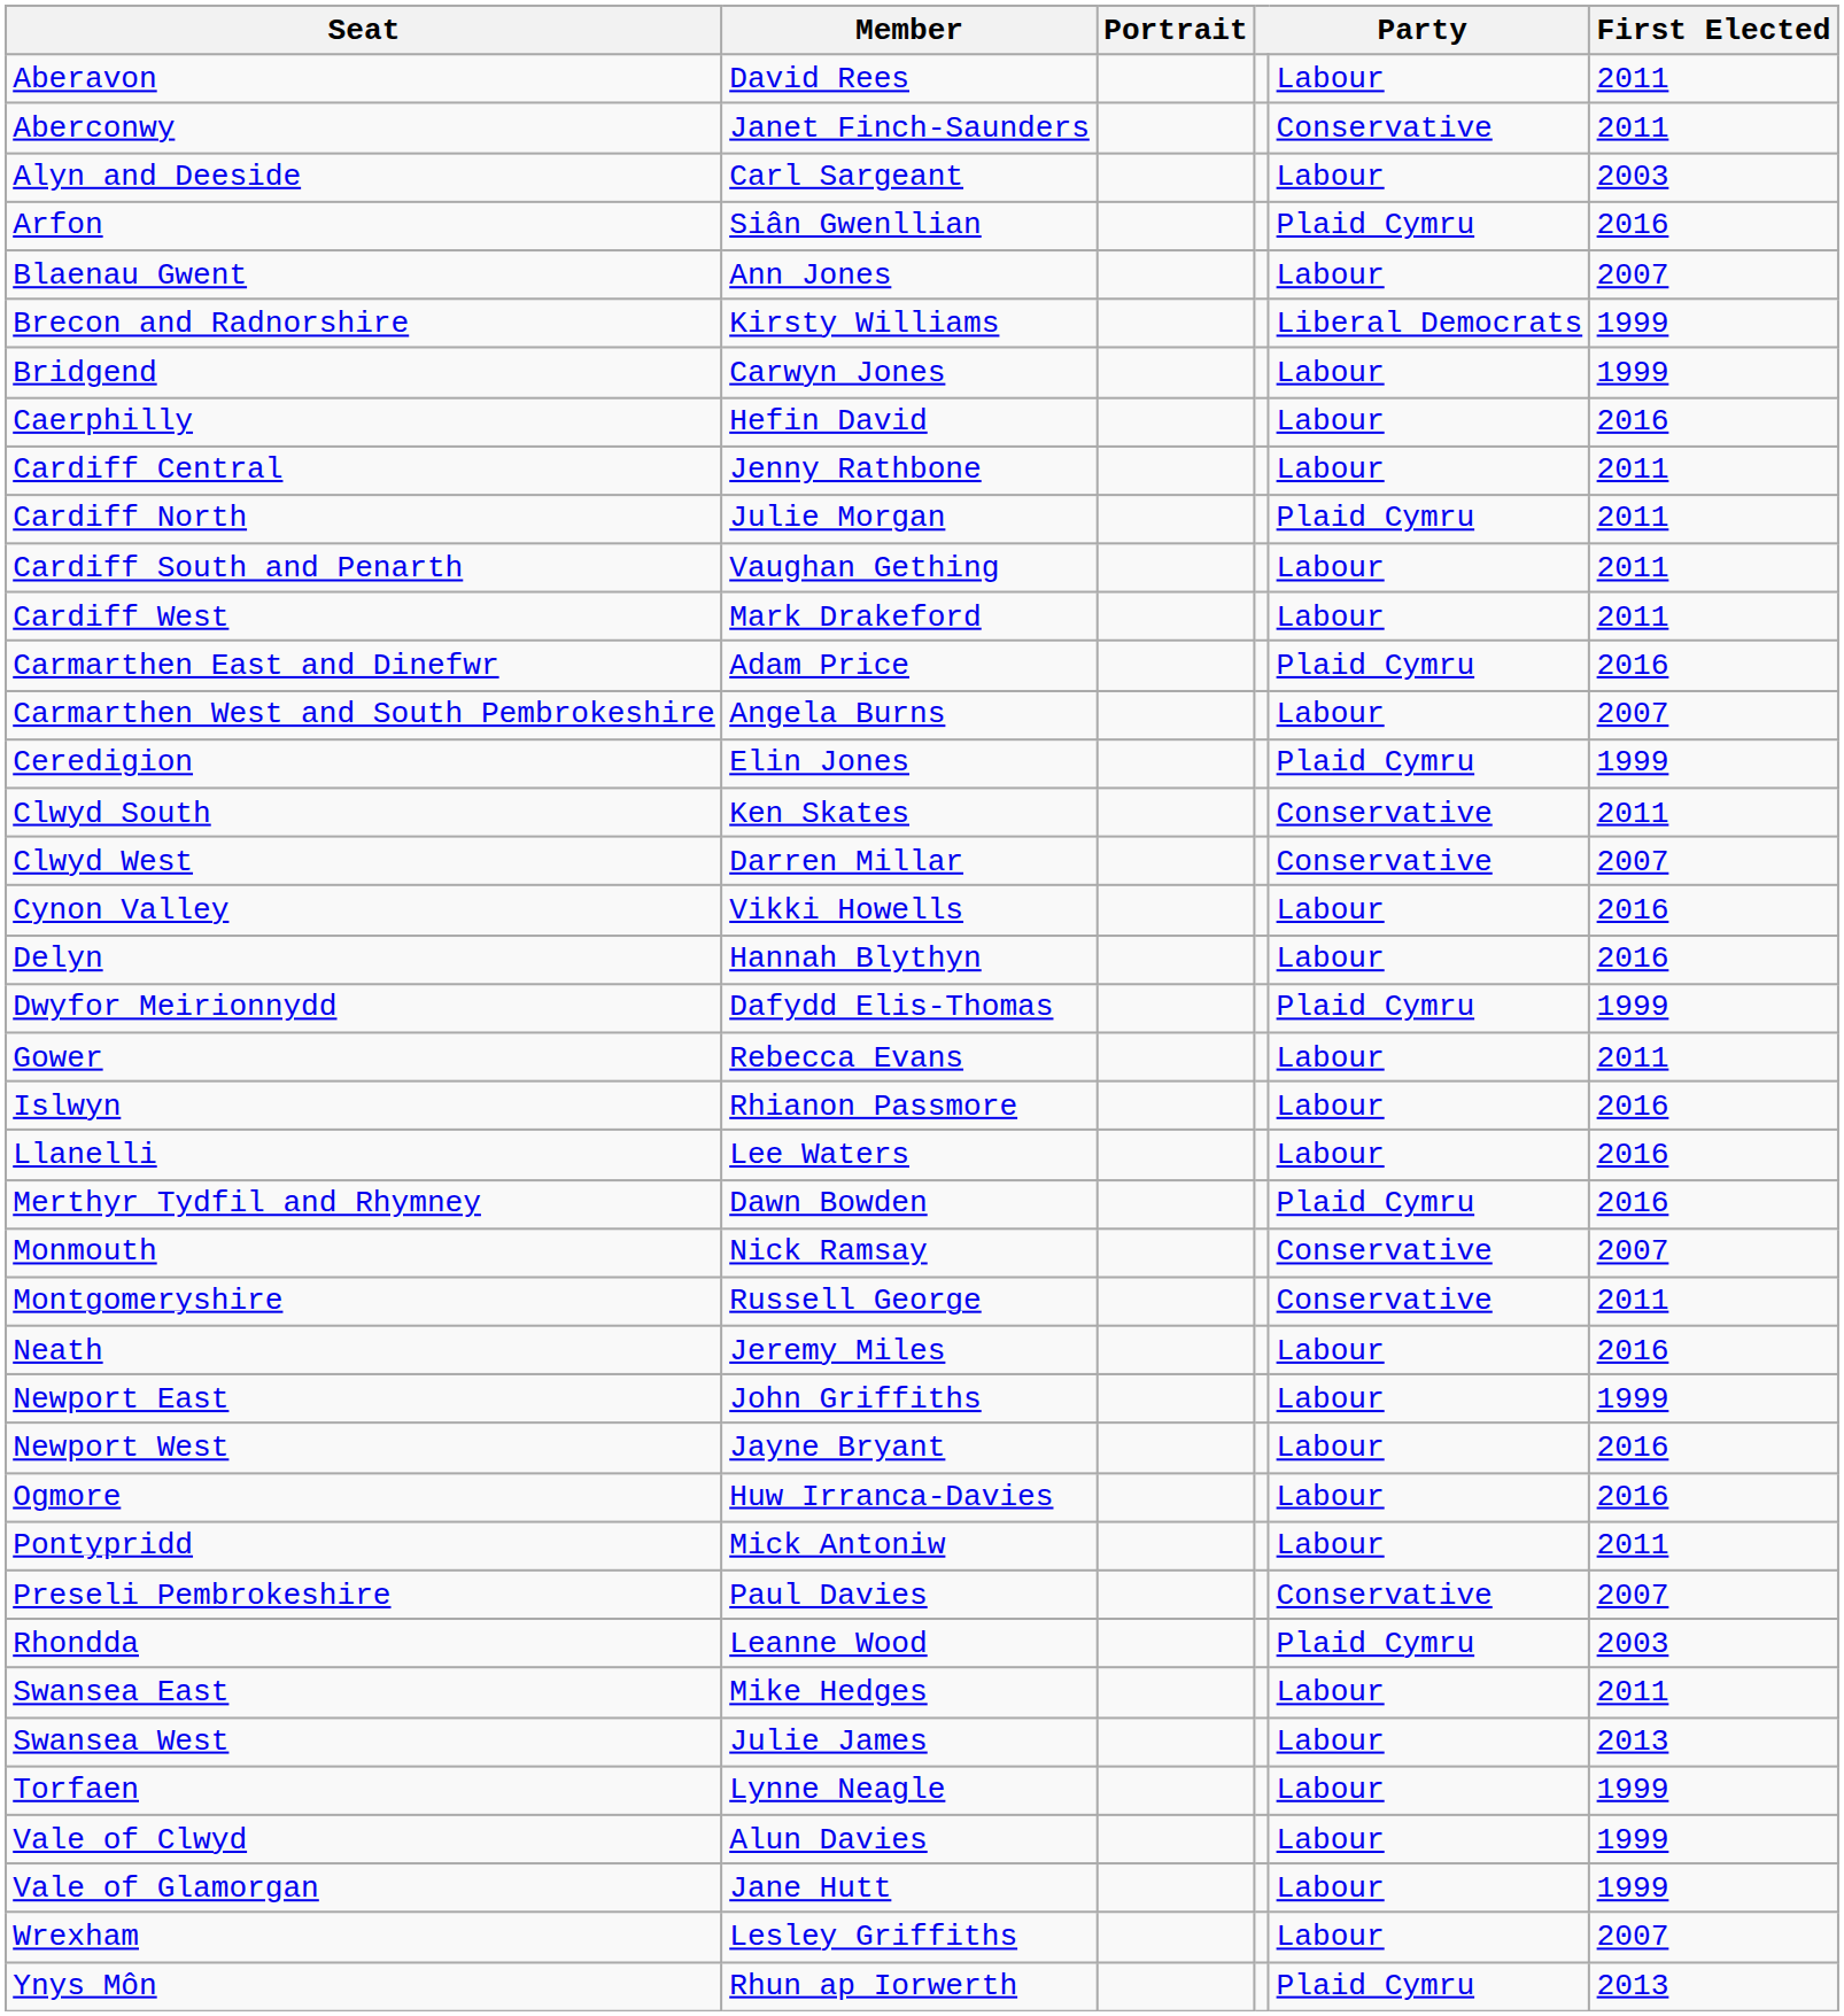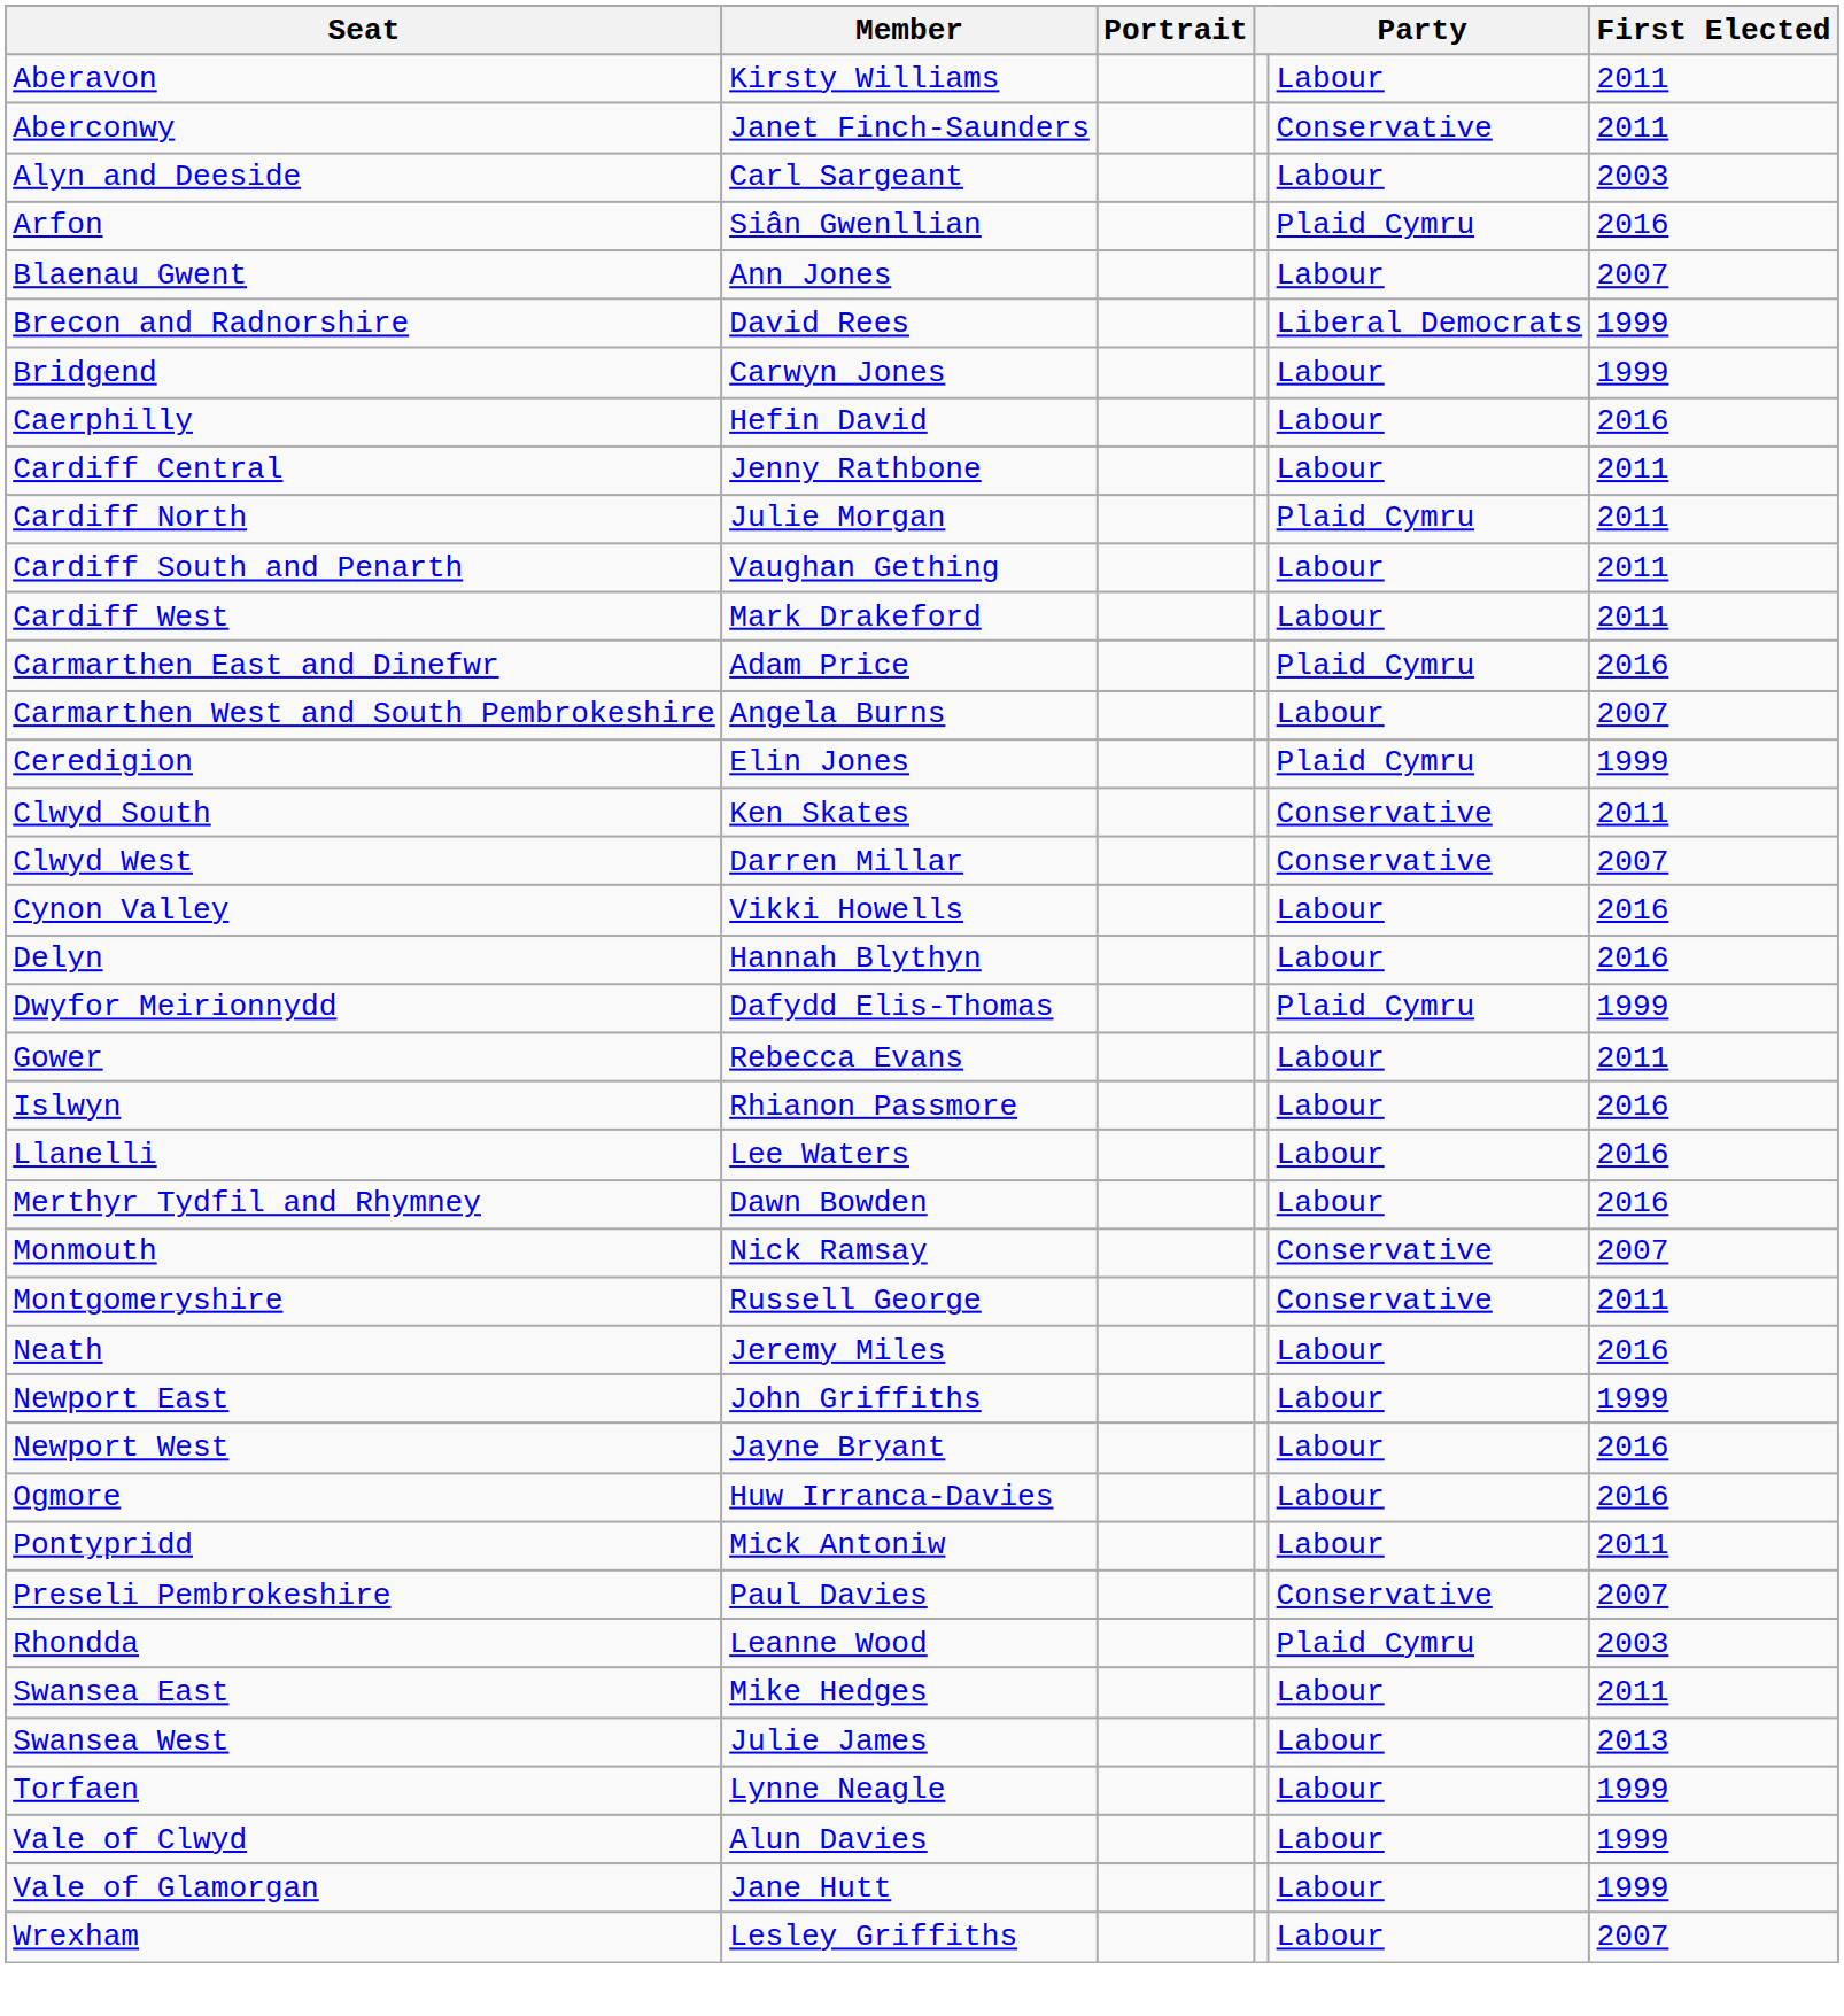 <table class="wikitable sortable">
 <tr>
 <th colspan="1">Seat</th>
 <th>Member</th>
 <th>Portrait</th>
 <th colspan="2">Party</th>
 <th>First Elected</th>
 </tr>
 <tr>
 <td><a href='#'>Aberavon</a></td>
-<td><a href='#'>David Rees</a></td>
+<td><a href='#'>Kirsty Williams</a></td>
 <td></td>
 <td style="color:inherit;background:"></td>
 <td><a href='#'>Labour</a></td>
 <td><a href='#'>2011</a></td>
 </tr>
 <tr>
 <td><a href='#'>Aberconwy</a></td>
 <td><a href='#'>Janet Finch-Saunders</a></td>
 <td></td>
 <td style="color:inherit;background:"></td>
 <td><a href='#'>Conservative</a></td>
 <td><a href='#'>2011</a></td>
 </tr>
 <tr>
 <td><a href='#'>Alyn and Deeside</a></td>
 <td><a href='#'>Carl Sargeant</a></td>
 <td></td>
 <td style="color:inherit;background:"></td>
 <td><a href='#'>Labour</a></td>
 <td><a href='#'>2003</a></td>
 </tr>
 <tr>
 <td><a href='#'>Arfon</a></td>
 <td><a href='#'>Siân Gwenllian</a></td>
 <td></td>
 <td style="color:inherit;background:"></td>
 <td><a href='#'>Plaid Cymru</a></td>
 <td><a href='#'>2016</a></td>
 </tr>
 <tr>
 <td><a href='#'>Blaenau Gwent</a></td>
 <td><a href='#'>Ann Jones</a></td>
 <td></td>
 <td style="color:inherit;background:"></td>
 <td><a href='#'>Labour</a></td>
 <td><a href='#'>2007</a></td>
 </tr>
 <tr>
 <td><a href='#'>Brecon and Radnorshire</a></td>
-<td><a href='#'>Kirsty Williams</a></td>
+<td><a href='#'>David Rees</a></td>
 <td></td>
 <td style="color:inherit;background:"></td>
 <td><a href='#'>Liberal Democrats</a></td>
 <td><a href='#'>1999</a></td>
 </tr>
 <tr>
 <td><a href='#'>Bridgend</a></td>
 <td><a href='#'>Carwyn Jones</a></td>
 <td></td>
 <td style="color:inherit;background:"></td>
 <td><a href='#'>Labour</a></td>
 <td><a href='#'>1999</a></td>
 </tr>
 <tr>
 <td><a href='#'>Caerphilly</a></td>
 <td><a href='#'>Hefin David</a></td>
 <td></td>
 <td style="color:inherit;background:"></td>
 <td><a href='#'>Labour</a></td>
 <td><a href='#'>2016</a></td>
 </tr>
 <tr>
 <td><a href='#'>Cardiff Central</a></td>
 <td><a href='#'>Jenny Rathbone</a></td>
 <td></td>
 <td style="color:inherit;background:"></td>
 <td><a href='#'>Labour</a></td>
 <td><a href='#'>2011</a></td>
 </tr>
 <tr>
 <td><a href='#'>Cardiff North</a></td>
 <td><a href='#'>Julie Morgan</a></td>
 <td></td>
 <td style="color:inherit;background:"></td>
 <td><a href='#'>Plaid Cymru</a></td>
 <td><a href='#'>2011</a></td>
 </tr>
 <tr>
 <td><a href='#'>Cardiff South and Penarth</a></td>
 <td><a href='#'>Vaughan Gething</a></td>
 <td></td>
 <td style="color:inherit;background:"></td>
 <td><a href='#'>Labour</a></td>
 <td><a href='#'>2011</a></td>
 </tr>
 <tr>
 <td><a href='#'>Cardiff West</a></td>
 <td><a href='#'>Mark Drakeford</a></td>
 <td></td>
 <td style="color:inherit;background:"></td>
 <td><a href='#'>Labour</a></td>
 <td><a href='#'>2011</a></td>
 </tr>
 <tr>
 <td><a href='#'>Carmarthen East and Dinefwr</a></td>
 <td><a href='#'>Adam Price</a></td>
 <td></td>
 <td style="color:inherit;background:"></td>
 <td><a href='#'>Plaid Cymru</a></td>
 <td><a href='#'>2016</a></td>
 </tr>
 <tr>
 <td><a href='#'>Carmarthen West and South Pembrokeshire</a></td>
 <td><a href='#'>Angela Burns</a></td>
 <td></td>
 <td style="color:inherit;background:"></td>
 <td><a href='#'>Labour</a></td>
 <td><a href='#'>2007</a></td>
 </tr>
 <tr>
 <td><a href='#'>Ceredigion</a></td>
 <td><a href='#'>Elin Jones</a></td>
 <td></td>
 <td style="color:inherit;background:"></td>
 <td><a href='#'>Plaid Cymru</a></td>
 <td><a href='#'>1999</a></td>
 </tr>
 <tr>
 <td><a href='#'>Clwyd South</a></td>
 <td><a href='#'>Ken Skates</a></td>
 <td></td>
 <td style="color:inherit;background:"></td>
 <td><a href='#'>Conservative</a></td>
 <td><a href='#'>2011</a></td>
 </tr>
 <tr>
 <td><a href='#'>Clwyd West</a></td>
 <td><a href='#'>Darren Millar</a></td>
 <td></td>
 <td style="color:inherit;background:"></td>
 <td><a href='#'>Conservative</a></td>
 <td><a href='#'>2007</a></td>
 </tr>
 <tr>
 <td><a href='#'>Cynon Valley</a></td>
 <td><a href='#'>Vikki Howells</a></td>
 <td></td>
 <td style="color:inherit;background:"></td>
 <td><a href='#'>Labour</a></td>
 <td><a href='#'>2016</a></td>
 </tr>
 <tr>
 <td><a href='#'>Delyn</a></td>
 <td><a href='#'>Hannah Blythyn</a></td>
 <td></td>
 <td style="color:inherit;background:"></td>
 <td><a href='#'>Labour</a></td>
 <td><a href='#'>2016</a></td>
 </tr>
 <tr>
 <td><a href='#'>Dwyfor Meirionnydd</a></td>
 <td><a href='#'>Dafydd Elis-Thomas</a></td>
 <td></td>
 <td style="color:inherit;background:"></td>
 <td><a href='#'>Plaid Cymru</a></td>
 <td><a href='#'>1999</a></td>
 </tr>
 <tr>
 <td><a href='#'>Gower</a></td>
 <td><a href='#'>Rebecca Evans</a></td>
 <td></td>
 <td style="color:inherit;background:"></td>
 <td><a href='#'>Labour</a></td>
 <td><a href='#'>2011</a></td>
 </tr>
 <tr>
 <td><a href='#'>Islwyn</a></td>
 <td><a href='#'>Rhianon Passmore</a></td>
 <td></td>
 <td style="color:inherit;background:"></td>
 <td><a href='#'>Labour</a></td>
 <td><a href='#'>2016</a></td>
 </tr>
 <tr>
 <td><a href='#'>Llanelli</a></td>
 <td><a href='#'>Lee Waters</a></td>
 <td></td>
 <td style="color:inherit;background:"></td>
 <td><a href='#'>Labour</a></td>
 <td><a href='#'>2016</a></td>
 </tr>
 <tr>
 <td><a href='#'>Merthyr Tydfil and Rhymney</a></td>
 <td><a href='#'>Dawn Bowden</a></td>
 <td></td>
 <td style="color:inherit;background:"></td>
-<td><a href='#'>Plaid Cymru</a></td>
+<td><a href='#'>Labour</a></td>
 <td><a href='#'>2016</a></td>
 </tr>
 <tr>
 <td><a href='#'>Monmouth</a></td>
 <td><a href='#'>Nick Ramsay</a></td>
 <td></td>
 <td style="color:inherit;background:"></td>
 <td><a href='#'>Conservative</a></td>
 <td><a href='#'>2007</a></td>
 </tr>
 <tr>
 <td><a href='#'>Montgomeryshire</a></td>
 <td><a href='#'>Russell George</a></td>
 <td></td>
 <td style="color:inherit;background:"></td>
 <td><a href='#'>Conservative</a></td>
 <td><a href='#'>2011</a></td>
 </tr>
 <tr>
 <td><a href='#'>Neath</a></td>
 <td><a href='#'>Jeremy Miles</a></td>
 <td></td>
 <td style="color:inherit;background:"></td>
 <td><a href='#'>Labour</a></td>
 <td><a href='#'>2016</a></td>
 </tr>
 <tr>
 <td><a href='#'>Newport East</a></td>
 <td><a href='#'>John Griffiths</a></td>
 <td></td>
 <td style="color:inherit;background:"></td>
 <td><a href='#'>Labour</a></td>
 <td><a href='#'>1999</a></td>
 </tr>
 <tr>
 <td><a href='#'>Newport West</a></td>
 <td><a href='#'>Jayne Bryant</a></td>
 <td></td>
 <td style="color:inherit;background:"></td>
 <td><a href='#'>Labour</a></td>
 <td><a href='#'>2016</a></td>
 </tr>
 <tr>
 <td><a href='#'>Ogmore</a></td>
 <td><a href='#'>Huw Irranca-Davies</a></td>
 <td></td>
 <td style="color:inherit;background:"></td>
 <td><a href='#'>Labour</a></td>
 <td><a href='#'>2016</a></td>
 </tr>
 <tr>
 <td><a href='#'>Pontypridd</a></td>
 <td><a href='#'>Mick Antoniw</a></td>
 <td></td>
 <td style="color:inherit;background:"></td>
 <td><a href='#'>Labour</a></td>
 <td><a href='#'>2011</a></td>
 </tr>
 <tr>
 <td><a href='#'>Preseli Pembrokeshire</a></td>
 <td><a href='#'>Paul Davies</a></td>
 <td></td>
 <td style="color:inherit;background:"></td>
 <td><a href='#'>Conservative</a></td>
 <td><a href='#'>2007</a></td>
 </tr>
 <tr>
 <td><a href='#'>Rhondda</a></td>
 <td><a href='#'>Leanne Wood</a></td>
 <td></td>
 <td style="color:inherit;background:"></td>
 <td><a href='#'>Plaid Cymru</a></td>
 <td><a href='#'>2003</a></td>
 </tr>
 <tr>
 <td><a href='#'>Swansea East</a></td>
 <td><a href='#'>Mike Hedges</a></td>
 <td></td>
 <td style="color:inherit;background:"></td>
 <td><a href='#'>Labour</a></td>
 <td><a href='#'>2011</a></td>
 </tr>
 <tr>
 <td><a href='#'>Swansea West</a></td>
 <td><a href='#'>Julie James</a></td>
 <td></td>
 <td style="color:inherit;background:"></td>
 <td><a href='#'>Labour</a></td>
 <td><a href='#'>2013</a></td>
 </tr>
 <tr>
 <td><a href='#'>Torfaen</a></td>
 <td><a href='#'>Lynne Neagle</a></td>
 <td></td>
 <td style="color:inherit;background:"></td>
 <td><a href='#'>Labour</a></td>
 <td><a href='#'>1999</a></td>
 </tr>
 <tr>
 <td><a href='#'>Vale of Clwyd</a></td>
 <td><a href='#'>Alun Davies</a></td>
 <td></td>
 <td style="color:inherit;background:"></td>
 <td><a href='#'>Labour</a></td>
 <td><a href='#'>1999</a></td>
 </tr>
 <tr>
 <td><a href='#'>Vale of Glamorgan</a></td>
 <td><a href='#'>Jane Hutt</a></td>
 <td></td>
 <td style="color:inherit;background:"></td>
 <td><a href='#'>Labour</a></td>
 <td><a href='#'>1999</a></td>
 </tr>
 <tr>
 <td><a href='#'>Wrexham</a></td>
 <td><a href='#'>Lesley Griffiths</a></td>
 <td></td>
 <td style="color:inherit;background:"></td>
 <td><a href='#'>Labour</a></td>
 <td><a href='#'>2007</a></td>
 </tr>
-<tr>
-<td><a href='#'>Ynys Môn</a></td>
-<td><a href='#'>Rhun ap Iorwerth</a></td>
-<td></td>
-<td style="color:inherit;background:"></td>
-<td><a href='#'>Plaid Cymru</a></td>
-<td><a href='#'>2013</a></td>
-</tr>
 </table>
